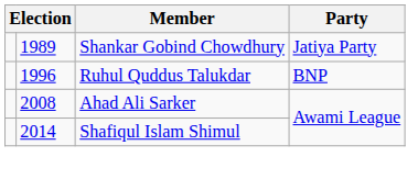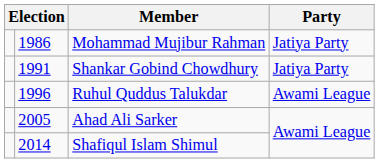 <table class="wikitable">
 <tr>
 <th colspan="2">Election</th>
 <th>Member</th>
 <th>Party</th>
 </tr>
 <tr>
 <td style="background-color:"></td>
-<td><a href='#'>1989</a></td>
+<td><a href='#'>1986</a></td>
+<td><a href='#'>Mohammad Mujibur Rahman</a></td>
+<td><a href='#'>Jatiya Party</a></td>
+</tr>
+<tr>
+<td style="background-color:"></td>
+<td><a href='#'>1991</a></td>
 <td><a href='#'>Shankar Gobind Chowdhury</a></td>
 <td><a href='#'>Jatiya Party</a></td>
 </tr>
 <tr>
 <td style="background-color:"></td>
 <td><a href='#'>1996</a></td>
 <td><a href='#'>Ruhul Quddus Talukdar</a></td>
-<td><a href='#'>BNP</a></td>
+<td><a href='#'>Awami League</a></td>
 </tr>
 <tr>
 <td style="background-color:"></td>
-<td><a href='#'>2008</a></td>
+<td><a href='#'>2005</a></td>
 <td><a href='#'>Ahad Ali Sarker</a></td>
 <td rowspan="2"><a href='#'>Awami League</a></td>
 </tr>
 <tr>
 <td style="background-color:"></td>
 <td><a href='#'>2014</a></td>
 <td><a href='#'>Shafiqul Islam Shimul</a></td>
 </tr>
 </table>
